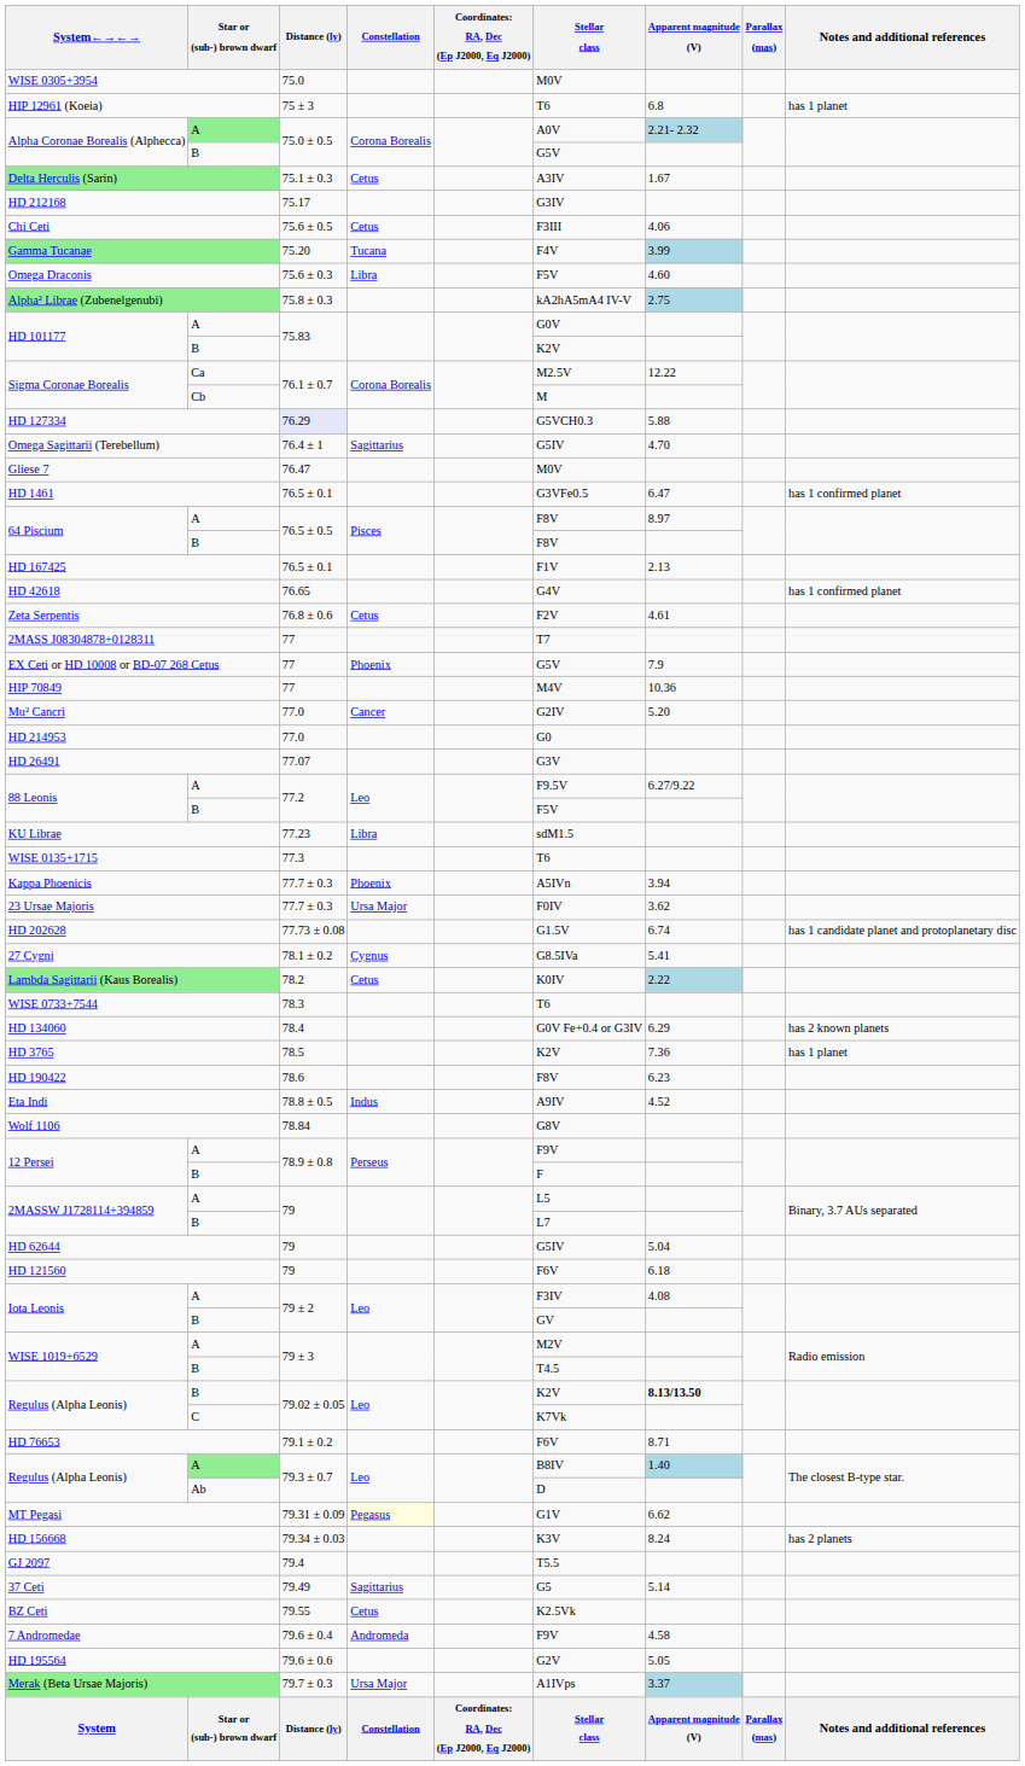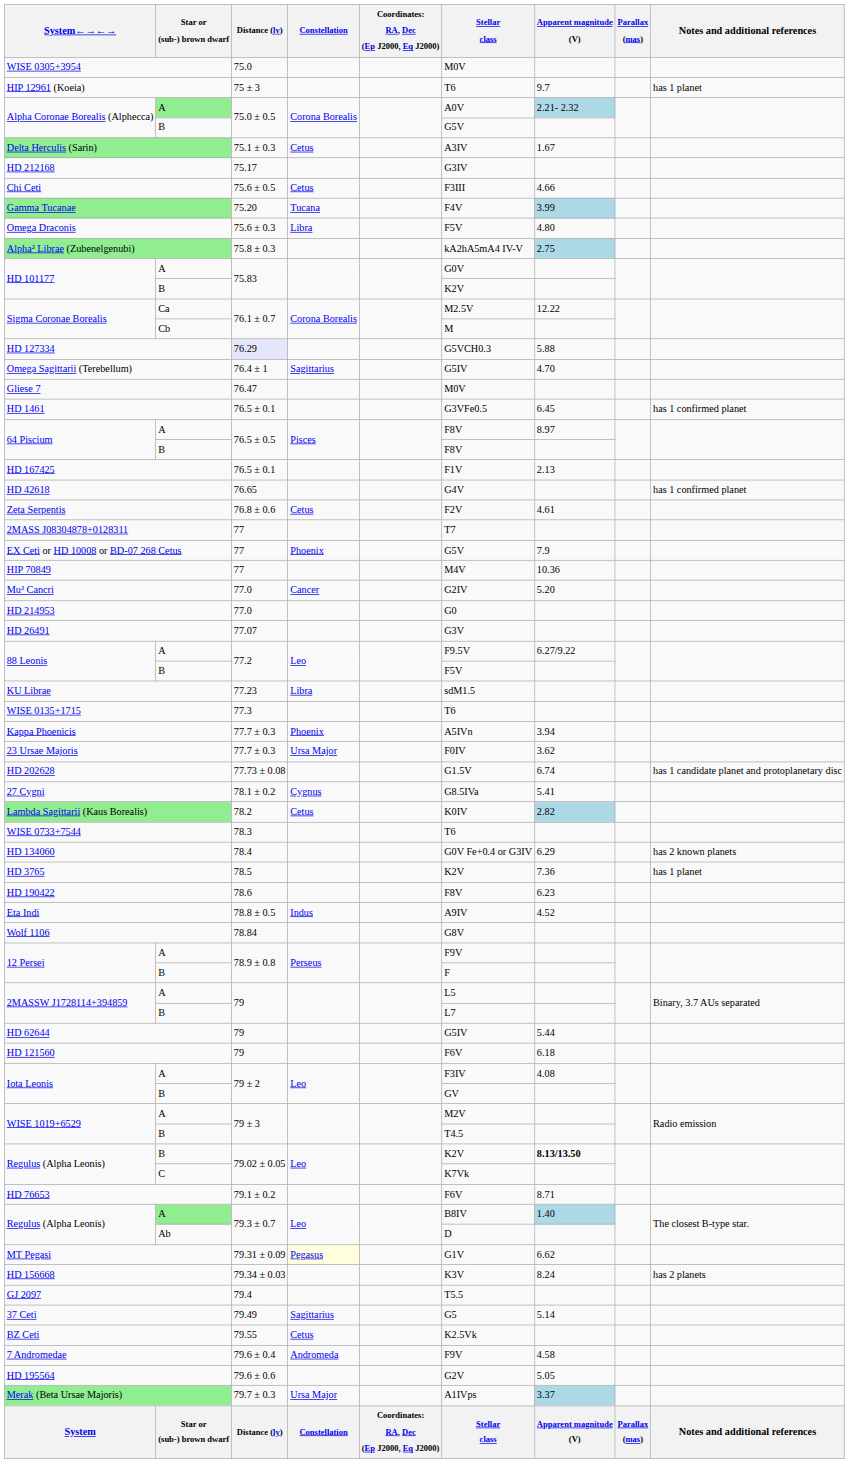 <table class="wikitable sortable" style="font-size:90%; line-height:1.5em; position:relative">
 <tr>
 <th scope="col"><a href='#'>System</a><span><a href='#'>←</a></span><span><a href='#'>→</a></span><span><a href='#'>←</a></span><span><a href='#'>→</a></span></th>
 <th><small>Star or<br>(sub-) brown dwarf</small></th>
 <th scope="col"><small>Distance (<a href='#'>ly</a>)</small></th>
 <th><small><a href='#'>Constellation</a></small></th>
 <th><small>Coordinates:<br><a href='#'>RA</a>, <a href='#'>Dec</a><br>(<a href='#'>Ep</a> J2000, <a href='#'>Eq</a> J2000)</small></th>
 <th scope="col"><small><a href='#'>Stellar<br>class</a></small></th>
 <th scope="col"><small><a href='#'>Apparent magnitude</a><br>(V)</small></th>
 <th scope="col"><small><a href='#'>Parallax</a><br>(<a href='#'>mas</a>)</small></th>
 <th scope="col">Notes and additional references</th>
 </tr>
 <tr>
 <td colspan = '2'><a href='#'>WISE 0305+3954</a></td>
 <td>75.0</td>
 <td></td>
 <td></td>
 <td style="background: ">M0V</td>
 <td></td>
 <td></td>
 <td></td>
 </tr>
 <tr>
 <td colspan = '2'><a href='#'>HIP 12961</a> (Koeia)</td>
 <td>75 ± 3</td>
 <td></td>
 <td></td>
 <td style="background: ">T6</td>
-<td>6.8</td>
+<td>9.7</td>
 <td></td>
 <td> has 1 planet</td>
 </tr>
 <tr>
 <td rowspan='2'><a href='#'>Alpha Coronae Borealis</a> (Alphecca)</td>
 <td style="background-color: lightgreen">A</td>
 <td rowspan='2'>75.0 ± 0.5</td>
 <td rowspan='2'><a href='#'>Corona Borealis</a></td>
 <td rowspan='2'></td>
 <td style="background: ">A0V</td>
 <td style="background-color: lightblue">2.21- 2.32</td>
 <td rowspan='2'></td>
 <td rowspan='2'></td>
 </tr>
 <tr>
 <td>B</td>
 <td style="background: ">G5V</td>
 <td></td>
 </tr>
 <tr>
 <td colspan = '2' style="background-color: lightgreen"><a href='#'>Delta Herculis</a> (Sarin)</td>
 <td>75.1 ± 0.3</td>
 <td><a href='#'>Cetus</a></td>
 <td></td>
 <td style="background: ">A3IV</td>
 <td>1.67</td>
 <td></td>
 <td></td>
 </tr>
 <tr>
 <td colspan = '2'><a href='#'>HD 212168</a></td>
 <td>75.17</td>
 <td></td>
 <td></td>
 <td style="background: ">G3IV</td>
 <td></td>
 <td></td>
 <td></td>
 </tr>
 <tr>
 <td colspan = '2'><a href='#'>Chi Ceti</a></td>
 <td>75.6 ± 0.5</td>
 <td><a href='#'>Cetus</a></td>
 <td></td>
 <td style="background: ">F3III</td>
-<td>4.06</td>
+<td>4.66</td>
 <td></td>
 <td></td>
 </tr>
 <tr>
 <td colspan = '2' style="background-color: lightgreen"><a href='#'>Gamma Tucanae</a></td>
 <td>75.20</td>
 <td><a href='#'>Tucana</a></td>
 <td></td>
 <td style="background: ">F4V</td>
 <td style="background-color: lightblue">3.99</td>
 <td></td>
 <td></td>
 </tr>
 <tr>
 <td colspan = '2'><a href='#'>Omega Draconis</a></td>
 <td>75.6 ± 0.3</td>
 <td><a href='#'>Libra</a></td>
 <td></td>
 <td style="background: ">F5V</td>
-<td>4.60</td>
+<td>4.80</td>
 <td></td>
 <td></td>
 </tr>
 <tr>
 <td colspan = '2' style="background-color: lightgreen"><a href='#'>Alpha² Librae</a> (Zubenelgenubi)</td>
 <td>75.8 ± 0.3</td>
 <td></td>
 <td></td>
 <td style="background: ">kA2hA5mA4 IV-V</td>
 <td style="background-color: lightblue">2.75</td>
 <td></td>
 <td></td>
 </tr>
 <tr>
 <td rowspan='2'><a href='#'>HD 101177</a></td>
 <td>A</td>
 <td rowspan='2'>75.83</td>
 <td rowspan='2'></td>
 <td rowspan='2'></td>
 <td style="background: ">G0V</td>
 <td></td>
 <td rowspan='2'></td>
 <td rowspan='2'></td>
 </tr>
 <tr>
 <td>B</td>
 <td style="background: ">K2V</td>
 <td></td>
 </tr>
 <tr>
 <td rowspan='2'><a href='#'>Sigma Coronae Borealis</a></td>
 <td>Ca</td>
 <td rowspan='2'>76.1 ± 0.7</td>
 <td rowspan='2'><a href='#'>Corona Borealis</a></td>
 <td rowspan='2'></td>
 <td style="background: ">M2.5V</td>
 <td>12.22</td>
 <td rowspan='2'></td>
 <td rowspan='2'></td>
 </tr>
 <tr>
 <td>Cb</td>
 <td style="background: ">M</td>
 <td></td>
 </tr>
 <tr>
 <td colspan = '2'><a href='#'>HD 127334</a></td>
 <td style="background: lavender;">76.29</td>
 <td></td>
 <td></td>
 <td style="background: ">G5VCH0.3</td>
 <td>5.88</td>
 <td></td>
 <td></td>
 </tr>
 <tr>
 <td colspan = '2'><a href='#'>Omega Sagittarii</a> (Terebellum)</td>
 <td>76.4 ± 1</td>
 <td><a href='#'>Sagittarius</a></td>
 <td></td>
 <td style="background: ">G5IV</td>
 <td>4.70</td>
 <td></td>
 <td></td>
 </tr>
 <tr>
 <td colspan = '2'><a href='#'>Gliese 7</a></td>
 <td>76.47</td>
 <td></td>
 <td></td>
 <td style="background: ">M0V</td>
 <td></td>
 <td></td>
 <td></td>
 </tr>
 <tr>
 <td colspan = '2'><a href='#'>HD 1461</a></td>
 <td>76.5 ± 0.1</td>
 <td></td>
 <td></td>
 <td style="background: ">G3VFe0.5</td>
-<td>6.47</td>
+<td>6.45</td>
 <td></td>
 <td>has 1 confirmed planet</td>
 </tr>
 <tr>
 <td rowspan='2'><a href='#'>64 Piscium</a></td>
 <td>A</td>
 <td rowspan='2'>76.5 ± 0.5</td>
 <td rowspan='2'><a href='#'>Pisces</a></td>
 <td rowspan='2'></td>
 <td style="background: ">F8V</td>
 <td>8.97</td>
 <td rowspan='2'></td>
 <td rowspan='2'></td>
 </tr>
 <tr>
 <td>B</td>
 <td style="background: ">F8V</td>
 <td></td>
 </tr>
 <tr>
 <td colspan = '2'><a href='#'>HD 167425</a></td>
 <td>76.5 ± 0.1</td>
 <td></td>
 <td></td>
 <td style="background: ">F1V</td>
 <td>2.13</td>
 <td></td>
 <td></td>
 </tr>
 <tr>
 <td colspan = '2'><a href='#'>HD 42618</a></td>
 <td>76.65</td>
 <td></td>
 <td></td>
 <td style="background: ">G4V</td>
 <td></td>
 <td></td>
 <td>has 1 confirmed planet</td>
 </tr>
 <tr>
 <td colspan = '2'><a href='#'>Zeta Serpentis</a></td>
 <td>76.8 ± 0.6</td>
 <td><a href='#'>Cetus</a></td>
 <td></td>
 <td style="background: ">F2V</td>
 <td>4.61</td>
 <td></td>
 <td></td>
 </tr>
 <tr>
 <td colspan = '2'><a href='#'>2MASS J08304878+0128311</a></td>
 <td>77</td>
 <td></td>
 <td></td>
 <td style="background: ">T7</td>
 <td></td>
 <td></td>
 <td></td>
 </tr>
 <tr>
 <td colspan = '2'><a href='#'>EX Ceti</a> or <a href='#'>HD 10008</a> or <a href='#'>BD-07 268 Cetus</a></td>
 <td>77</td>
 <td><a href='#'>Phoenix</a></td>
 <td></td>
 <td style="background: ">G5V</td>
 <td>7.9</td>
 <td></td>
 <td></td>
 </tr>
 <tr>
 <td colspan = '2'><a href='#'>HIP 70849</a></td>
 <td>77</td>
 <td></td>
 <td></td>
 <td style="background: ">M4V</td>
 <td>10.36</td>
 <td></td>
 <td></td>
 </tr>
 <tr>
 <td colspan = '2'><a href='#'>Mu² Cancri</a></td>
 <td>77.0</td>
 <td><a href='#'>Cancer</a></td>
 <td></td>
 <td style="background: ">G2IV</td>
 <td>5.20</td>
 <td></td>
 <td></td>
 </tr>
 <tr>
 <td colspan = '2'><a href='#'>HD 214953</a></td>
 <td>77.0</td>
 <td></td>
 <td></td>
 <td style="background: ">G0</td>
 <td></td>
 <td></td>
 <td></td>
 </tr>
 <tr>
 <td colspan = '2'><a href='#'>HD 26491</a></td>
 <td>77.07</td>
 <td></td>
 <td></td>
 <td style="background: ">G3V</td>
 <td></td>
 <td></td>
 <td></td>
 </tr>
 <tr>
 <td rowspan='2'><a href='#'>88 Leonis</a></td>
 <td>A</td>
 <td rowspan='2'>77.2</td>
 <td rowspan='2'><a href='#'>Leo</a></td>
 <td rowspan='2'></td>
 <td style="background: ">F9.5V</td>
 <td>6.27/9.22</td>
 <td rowspan='2'></td>
 <td rowspan='2'></td>
 </tr>
 <tr>
 <td>B</td>
 <td style="background: ">F5V</td>
 <td></td>
 </tr>
 <tr>
 <td colspan = '2'><a href='#'>KU Librae</a></td>
 <td>77.23</td>
 <td><a href='#'>Libra</a></td>
 <td></td>
 <td style="background: ">sdM1.5</td>
 <td></td>
 <td></td>
 <td></td>
 </tr>
 <tr>
 <td colspan = '2'><a href='#'>WISE 0135+1715</a></td>
 <td>77.3</td>
 <td></td>
 <td></td>
 <td style="background: ">T6</td>
 <td></td>
 <td></td>
 <td></td>
 </tr>
 <tr>
 <td colspan = '2'><a href='#'>Kappa Phoenicis</a></td>
 <td>77.7 ± 0.3</td>
 <td><a href='#'>Phoenix</a></td>
 <td></td>
 <td style="background: ">A5IVn</td>
 <td>3.94</td>
 <td></td>
 <td></td>
 </tr>
 <tr>
 <td colspan = '2'><a href='#'>23 Ursae Majoris</a></td>
 <td>77.7 ± 0.3</td>
 <td><a href='#'>Ursa Major</a></td>
 <td></td>
 <td style="background: ">F0IV</td>
 <td>3.62</td>
 <td></td>
 <td></td>
 </tr>
 <tr>
 <td colspan = '2'><a href='#'>HD 202628</a></td>
 <td>77.73 ± 0.08</td>
 <td></td>
 <td></td>
 <td style="background: ">G1.5V</td>
 <td>6.74</td>
 <td></td>
 <td>has 1  candidate planet and protoplanetary disc</td>
 </tr>
 <tr>
 <td colspan = '2'><a href='#'>27 Cygni</a></td>
 <td>78.1 ± 0.2</td>
 <td><a href='#'>Cygnus</a></td>
 <td></td>
 <td style="background: ">G8.5IVa</td>
 <td>5.41</td>
 <td></td>
 <td></td>
 </tr>
 <tr>
 <td colspan = '2' style="background-color: lightgreen"><a href='#'>Lambda Sagittarii</a> (Kaus Borealis)</td>
 <td>78.2</td>
 <td><a href='#'>Cetus</a></td>
 <td></td>
 <td style="background: ">K0IV</td>
-<td style="background-color: lightblue">2.22</td>
+<td style="background-color: lightblue">2.82</td>
 <td></td>
 <td></td>
 </tr>
 <tr>
 <td colspan = '2'><a href='#'>WISE 0733+7544</a></td>
 <td>78.3</td>
 <td></td>
 <td></td>
 <td style="background: ">T6</td>
 <td></td>
 <td></td>
 <td></td>
 </tr>
 <tr>
 <td colspan = '2'><a href='#'>HD 134060</a></td>
 <td>78.4</td>
 <td></td>
 <td></td>
 <td style="background: ">G0V Fe+0.4 or G3IV</td>
 <td>6.29</td>
 <td></td>
 <td> has 2 known planets</td>
 </tr>
 <tr>
 <td colspan = '2'><a href='#'>HD 3765</a></td>
 <td>78.5</td>
 <td></td>
 <td></td>
 <td style="background: ">K2V</td>
 <td>7.36</td>
 <td></td>
 <td>has 1  planet</td>
 </tr>
 <tr>
 <td colspan = '2'><a href='#'>HD 190422</a></td>
 <td>78.6</td>
 <td></td>
 <td></td>
 <td style="background: ">F8V</td>
 <td>6.23</td>
 <td></td>
 <td></td>
 </tr>
 <tr>
 <td colspan = '2'><a href='#'>Eta Indi</a></td>
 <td>78.8 ± 0.5</td>
 <td><a href='#'>Indus</a></td>
 <td></td>
 <td style="background: ">A9IV</td>
 <td>4.52</td>
 <td></td>
 <td></td>
 </tr>
 <tr>
 <td colspan = '2'><a href='#'>Wolf 1106</a></td>
 <td>78.84</td>
 <td></td>
 <td></td>
 <td style="background: ">G8V</td>
 <td></td>
 <td></td>
 <td></td>
 </tr>
 <tr>
 <td rowspan='2'><a href='#'>12 Persei</a></td>
 <td>A</td>
 <td rowspan='2'>78.9 ± 0.8</td>
 <td rowspan='2'><a href='#'>Perseus</a></td>
 <td rowspan='2'></td>
 <td style="background: ">F9V</td>
 <td></td>
 <td rowspan='2'></td>
 <td rowspan='2'></td>
 </tr>
 <tr>
 <td>B</td>
 <td style="background: ">F</td>
 <td></td>
 </tr>
 <tr>
 <td rowspan='2'><a href='#'>2MASSW J1728114+394859</a></td>
 <td>A</td>
 <td rowspan='2'>79</td>
 <td rowspan='2'></td>
 <td rowspan='2'></td>
 <td style="background: ">L5</td>
 <td></td>
 <td rowspan='2'></td>
 <td rowspan='2'>Binary, 3.7 AUs separated</td>
 </tr>
 <tr>
 <td>B</td>
 <td style="background: ">L7</td>
 <td></td>
 </tr>
 <tr>
 <td colspan = '2'><a href='#'>HD 62644</a></td>
 <td>79</td>
 <td></td>
 <td></td>
 <td style="background: ">G5IV</td>
-<td>5.04</td>
+<td>5.44</td>
 <td></td>
 <td></td>
 </tr>
 <tr>
 <td colspan = '2'><a href='#'>HD 121560</a></td>
 <td>79</td>
 <td></td>
 <td></td>
 <td style="background: ">F6V</td>
 <td>6.18</td>
 <td></td>
 <td></td>
 </tr>
 <tr>
 <td rowspan='2'><a href='#'>Iota Leonis</a></td>
 <td>A</td>
 <td rowspan='2'>79 ± 2</td>
 <td rowspan='2'><a href='#'>Leo</a></td>
 <td rowspan='2'></td>
 <td style="background: ">F3IV</td>
 <td>4.08</td>
 <td rowspan='2'></td>
 <td rowspan='2'></td>
 </tr>
 <tr>
 <td>B</td>
 <td style="background: ">GV</td>
 <td></td>
 </tr>
 <tr>
 <td rowspan='2'><a href='#'>WISE 1019+6529</a></td>
 <td>A</td>
 <td rowspan='2'>79 ± 3</td>
 <td rowspan='2'></td>
 <td rowspan='2'></td>
 <td style="background: ">M2V</td>
 <td></td>
 <td rowspan='2'></td>
 <td rowspan='2'>Radio emission</td>
 </tr>
 <tr>
 <td>B</td>
 <td style="background: ">T4.5</td>
 <td></td>
 </tr>
 <tr>
 <td rowspan='2'><a href='#'>Regulus</a> (Alpha Leonis)</td>
 <td>B</td>
 <td rowspan='2'>79.02 ± 0.05</td>
 <td rowspan='2'><a href='#'>Leo</a></td>
 <td rowspan='2'></td>
 <td style="background: ">K2V</td>
 <td><strong>8.13/13.50</strong></td>
 <td rowspan='2'></td>
 <td rowspan='2'></td>
 </tr>
 <tr>
 <td>C</td>
 <td style="background: ">K7Vk</td>
 <td></td>
 </tr>
 <tr>
 <td colspan = '2'><a href='#'>HD 76653</a></td>
 <td>79.1 ± 0.2</td>
 <td></td>
 <td></td>
 <td style="background: ">F6V</td>
 <td>8.71</td>
 <td></td>
 <td></td>
 </tr>
 <tr>
 <td rowspan='2'><a href='#'>Regulus</a> (Alpha Leonis)</td>
 <td style="background-color: lightgreen">A</td>
 <td rowspan='2'>79.3 ± 0.7</td>
 <td rowspan='2'><a href='#'>Leo</a></td>
 <td rowspan='2'></td>
 <td style="background: ">B8IV</td>
 <td style="background-color: lightblue">1.40</td>
 <td rowspan='2'></td>
 <td rowspan='2'> The closest B-type star.</td>
 </tr>
 <tr>
 <td>Ab</td>
 <td style="background: ">D</td>
 <td></td>
 </tr>
 <tr>
 <td colspan = '2'><a href='#'>MT Pegasi</a></td>
 <td>79.31 ± 0.09</td>
 <td style="background: lightyellow;"><a href='#'>Pegasus</a></td>
 <td></td>
 <td style="background: ">G1V</td>
 <td>6.62</td>
 <td></td>
 <td></td>
 </tr>
 <tr>
 <td colspan = '2'><a href='#'>HD 156668</a></td>
 <td>79.34 ± 0.03</td>
 <td></td>
 <td></td>
 <td style="background: ">K3V</td>
 <td>8.24</td>
 <td></td>
 <td>has 2 planets</td>
 </tr>
 <tr>
 <td colspan = '2'><a href='#'>GJ 2097</a></td>
 <td>79.4</td>
 <td></td>
 <td></td>
 <td style="background: ">T5.5</td>
 <td></td>
 <td></td>
 <td></td>
 </tr>
 <tr>
 <td colspan = '2'><a href='#'>37 Ceti</a></td>
 <td>79.49</td>
 <td><a href='#'>Sagittarius</a></td>
 <td></td>
 <td style="background: ">G5</td>
 <td>5.14</td>
 <td></td>
 <td></td>
 </tr>
 <tr>
 <td colspan = '2'><a href='#'>BZ Ceti</a></td>
 <td>79.55</td>
 <td><a href='#'>Cetus</a></td>
 <td></td>
 <td style="background: ">K2.5Vk</td>
 <td></td>
 <td></td>
 <td></td>
 </tr>
 <tr>
 <td colspan = '2'><a href='#'>7 Andromedae</a></td>
 <td>79.6 ± 0.4</td>
 <td><a href='#'>Andromeda</a></td>
 <td></td>
 <td style="background: ">F9V</td>
 <td>4.58</td>
 <td></td>
 <td></td>
 </tr>
 <tr>
 <td colspan = '2'><a href='#'>HD 195564</a></td>
 <td>79.6 ± 0.6</td>
 <td></td>
 <td></td>
 <td style="background: ">G2V</td>
 <td>5.05</td>
 <td></td>
 <td></td>
 </tr>
 <tr>
 <td colspan = '2' style="background-color: lightgreen"><a href='#'>Merak</a> (Beta Ursae Majoris)</td>
 <td>79.7 ± 0.3</td>
 <td><a href='#'>Ursa Major</a></td>
 <td></td>
 <td style="background: ">A1IVps</td>
 <td style="background-color: lightblue">3.37</td>
 <td></td>
 <td></td>
 </tr>
 <tr>
 <th scope="col"><a href='#'>System</a></th>
 <th><small>Star or<br>(sub-) brown dwarf</small></th>
 <th scope="col"><small>Distance (<a href='#'>ly</a>)</small></th>
 <th><small><a href='#'>Constellation</a></small></th>
 <th><small>Coordinates:<br><a href='#'>RA</a>, <a href='#'>Dec</a><br>(<a href='#'>Ep</a> J2000, <a href='#'>Eq</a> J2000)</small></th>
 <th scope="col"><small><a href='#'>Stellar<br>class</a></small></th>
 <th scope="col"><small><a href='#'>Apparent magnitude</a><br>(V)</small></th>
 <th scope="col"><small><a href='#'>Parallax</a><br>(<a href='#'>mas</a>)</small></th>
 <th scope="col">Notes and additional references</th>
 </tr>
 </table>
